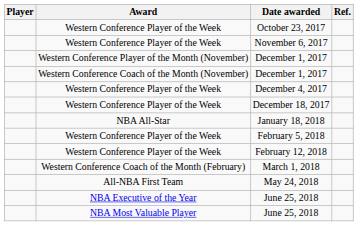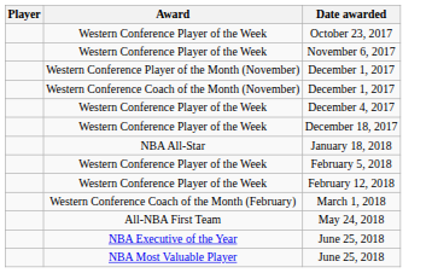 <table class="wikitable sortable sortable" style="text-align: center">
 <tr>
 <th>Player</th>
 <th>Award</th>
 <th>Date awarded</th>
-<th>Ref.</th>
 </tr>
 <tr>
 <td></td>
 <td>Western Conference Player of the Week</td>
 <td>October 23, 2017</td>
-<td align=center></td>
 </tr>
 <tr>
 <td></td>
 <td>Western Conference Player of the Week</td>
 <td>November 6, 2017</td>
-<td align=center></td>
 </tr>
 <tr>
 <td></td>
 <td>Western Conference Player of the Month (November)</td>
 <td>December 1, 2017</td>
-<td align=center></td>
 </tr>
 <tr>
 <td></td>
 <td>Western Conference Coach of the Month (November)</td>
 <td>December 1, 2017</td>
-<td align=center></td>
 </tr>
 <tr>
 <td></td>
 <td>Western Conference Player of the Week</td>
 <td>December 4, 2017</td>
-<td align=center></td>
 </tr>
 <tr>
 <td></td>
 <td>Western Conference Player of the Week</td>
 <td>December 18, 2017</td>
-<td align=center></td>
 </tr>
 <tr>
 <td></td>
 <td>NBA All-Star</td>
 <td>January 18, 2018</td>
-<td align=center></td>
 </tr>
 <tr>
 <td></td>
 <td>Western Conference Player of the Week</td>
 <td>February 5, 2018</td>
-<td align=center></td>
 </tr>
 <tr>
 <td></td>
 <td>Western Conference Player of the Week</td>
 <td>February 12, 2018</td>
-<td align=center></td>
 </tr>
 <tr>
 <td></td>
 <td>Western Conference Coach of the Month (February)</td>
 <td>March 1, 2018</td>
-<td align=center></td>
 </tr>
 <tr>
 <td></td>
 <td>All-NBA First Team</td>
 <td>May 24, 2018</td>
-<td align=center></td>
 </tr>
 <tr>
 <td></td>
 <td><a href='#'>NBA Executive of the Year</a></td>
 <td>June 25, 2018</td>
-<td align=center></td>
 </tr>
 <tr>
 <td></td>
 <td><a href='#'>NBA Most Valuable Player</a></td>
 <td>June 25, 2018</td>
-<td align=center></td>
 </tr>
 </table>
